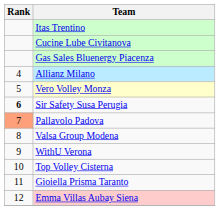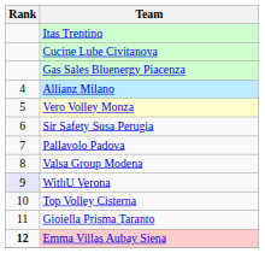 <table class="wikitable" style="text-align: center;">
 <tr>
 <th width=40>Rank</th>
 <th width=290>Team</th>
 </tr>
 <tr>
 <td></td>
 <td align=left bgcolor=#CCFFCC><a href='#'>Itas Trentino</a></td>
 </tr>
 <tr>
 <td></td>
 <td align=left bgcolor=#CCFFCC><a href='#'>Cucine Lube Civitanova</a></td>
 </tr>
 <tr>
 <td></td>
 <td align=left bgcolor=#CCFFCC><a href='#'>Gas Sales Bluenergy Piacenza</a></td>
 </tr>
 <tr>
 <td>4</td>
 <td align=left bgcolor=#BBEBFF><a href='#'>Allianz Milano</a></td>
 </tr>
 <tr>
 <td>5</td>
 <td align=left bgcolor=#FFFFCC><a href='#'>Vero Volley Monza</a></td>
 </tr>
 <tr>
-<td><strong>6</strong></td>
+<td>6</td>
 <td align=left><a href='#'>Sir Safety Susa Perugia</a></td>
 </tr>
 <tr>
-<td style="background: lightsalmon;">7</td>
+<td>7</td>
 <td align=left><a href='#'>Pallavolo Padova</a></td>
 </tr>
 <tr>
 <td>8</td>
 <td align=left><a href='#'>Valsa Group Modena</a></td>
 </tr>
 <tr>
-<td>9</td>
+<td style="background: lavender;">9</td>
 <td align=left><a href='#'>WithU Verona</a></td>
 </tr>
 <tr>
 <td>10</td>
 <td align=left><a href='#'>Top Volley Cisterna</a></td>
 </tr>
 <tr>
 <td>11</td>
 <td align=left><a href='#'>Gioiella Prisma Taranto</a></td>
 </tr>
 <tr>
-<td>12</td>
+<td><strong>12</strong></td>
 <td align=left bgcolor=#FFCCCC><a href='#'>Emma Villas Aubay Siena</a></td>
 </tr>
 <tr>
 </tr>
 </table>
